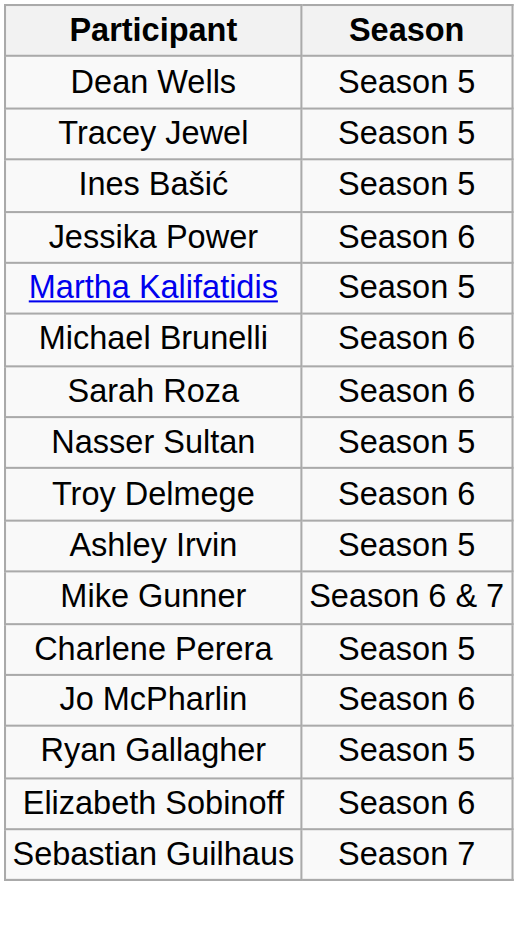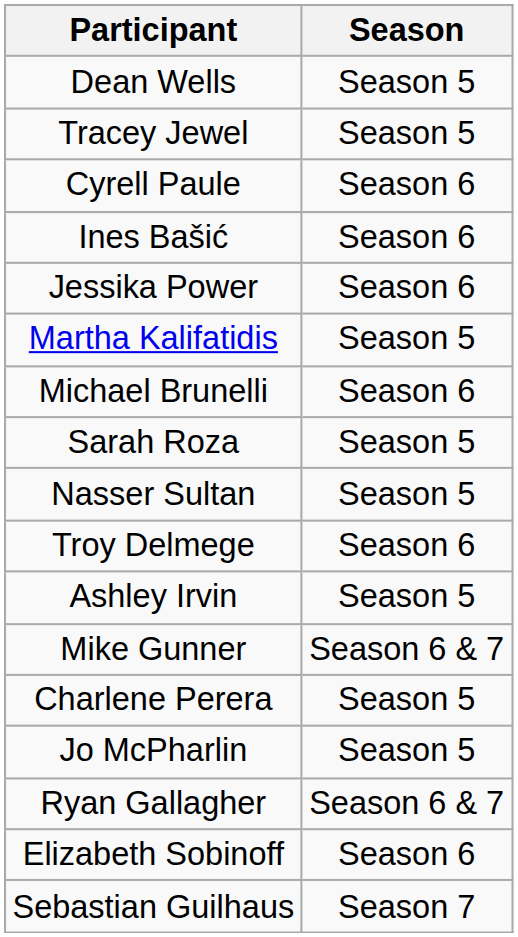 <table class="wikitable sortable" style="text-align:center;">
 <tr>
 <th scope="col">Participant</th>
 <th scope="col">Season</th>
 </tr>
 <tr>
 <td>Dean Wells</td>
 <td>Season 5</td>
 </tr>
 <tr>
 <td>Tracey Jewel</td>
 <td>Season 5</td>
 </tr>
 <tr>
+<td>Cyrell Paule</td>
+<td>Season 6</td>
+</tr>
+<tr>
 <td>Ines Bašić</td>
-<td>Season 5</td>
+<td>Season 6</td>
 </tr>
 <tr>
 <td>Jessika Power</td>
 <td>Season 6</td>
 </tr>
 <tr>
 <td><a href='#'>Martha Kalifatidis</a></td>
 <td>Season 5</td>
 </tr>
 <tr>
 <td>Michael Brunelli</td>
 <td>Season 6</td>
 </tr>
 <tr>
 <td>Sarah Roza</td>
-<td>Season 6</td>
+<td>Season 5</td>
 </tr>
 <tr>
 <td>Nasser Sultan</td>
 <td>Season 5</td>
 </tr>
 <tr>
 <td>Troy Delmege</td>
 <td>Season 6</td>
 </tr>
 <tr>
 <td>Ashley Irvin</td>
 <td>Season 5</td>
 </tr>
 <tr>
 <td>Mike Gunner</td>
 <td>Season 6 & 7</td>
 </tr>
 <tr>
 <td>Charlene Perera</td>
 <td>Season 5</td>
 </tr>
 <tr>
 <td>Jo McPharlin</td>
-<td>Season 6</td>
+<td>Season 5</td>
 </tr>
 <tr>
 <td>Ryan Gallagher</td>
-<td>Season 5</td>
+<td>Season 6 & 7</td>
 </tr>
 <tr>
 <td>Elizabeth Sobinoff</td>
 <td>Season 6</td>
 </tr>
 <tr>
 <td>Sebastian Guilhaus</td>
 <td>Season 7</td>
 </tr>
 <tr>
 </tr>
 </table>
